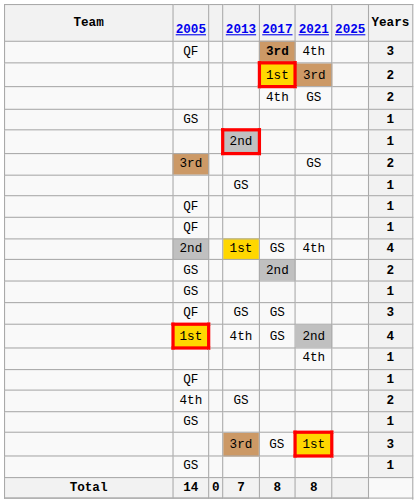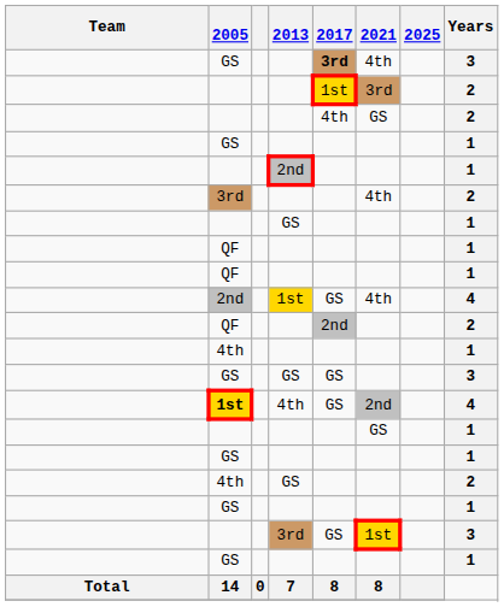 <table class="wikitable" style="text-align:center; font-size:90%">
 <tr>
 <th width=150>Team</th>
 <th><br><a href='#'>2005</a></th>
 <th><br><em></em></th>
 <th><br><a href='#'>2013</a></th>
 <th><br><a href='#'>2017</a></th>
 <th><br><a href='#'>2021</a></th>
 <th><br><a href='#'>2025</a></th>
 <th>Years</th>
 </tr>
 <tr>
 <td align=left></td>
-<td>QF</td>
+<td>GS</td>
 <td></td>
 <td></td>
 <td bgcolor=#cc9966><strong>3rd</strong></td>
 <td>4th</td>
 <td></td>
 <th>3</th>
 </tr>
 <tr>
 <td align=left></td>
 <td></td>
 <td></td>
 <td></td>
 <td style="border: 3px solid red" bgcolor=Gold>1st</td>
 <td bgcolor=#cc9966>3rd</td>
 <td></td>
 <th>2</th>
 </tr>
 <tr>
 <td align=left></td>
 <td></td>
 <td></td>
 <td></td>
 <td>4th</td>
 <td>GS</td>
 <td></td>
 <th>2</th>
 </tr>
 <tr>
 <td align=left></td>
 <td>GS</td>
 <td></td>
 <td></td>
 <td></td>
 <td></td>
 <td></td>
 <th>1</th>
 </tr>
 <tr>
 <td align=left></td>
 <td></td>
 <td></td>
 <td style="border: 3px solid red" bgcolor=Silver>2nd</td>
 <td></td>
 <td></td>
 <td></td>
 <th>1</th>
 </tr>
 <tr>
 <td align=left></td>
 <td bgcolor=#cc9966>3rd</td>
 <td></td>
 <td></td>
 <td></td>
-<td>GS</td>
+<td>4th</td>
 <td></td>
 <th>2</th>
 </tr>
 <tr>
 <td align=left></td>
 <td></td>
 <td></td>
 <td>GS</td>
 <td></td>
 <td></td>
 <td></td>
 <th>1</th>
 </tr>
 <tr>
 <td align=left></td>
 <td>QF</td>
 <td></td>
 <td></td>
 <td></td>
 <td></td>
 <td></td>
 <th>1</th>
 </tr>
 <tr>
 <td align=left></td>
 <td>QF</td>
 <td></td>
 <td></td>
 <td></td>
 <td></td>
 <td></td>
 <th>1</th>
 </tr>
 <tr>
 <td align=left></td>
 <td bgcolor=Silver>2nd</td>
 <td></td>
 <td bgcolor=Gold>1st</td>
 <td>GS</td>
 <td>4th</td>
 <td></td>
 <th>4</th>
 </tr>
 <tr>
 <td align=left></td>
-<td>GS</td>
+<td>QF</td>
 <td></td>
 <td></td>
 <td bgcolor=Silver>2nd</td>
 <td></td>
 <td></td>
 <th>2</th>
 </tr>
 <tr>
 <td align=left></td>
-<td>GS</td>
+<td>4th</td>
 <td></td>
 <td></td>
 <td></td>
 <td></td>
 <td></td>
 <th>1</th>
 </tr>
 <tr>
 <td align=left></td>
-<td>QF</td>
+<td>GS</td>
 <td></td>
 <td>GS</td>
 <td>GS</td>
 <td></td>
 <td></td>
 <th>3</th>
 </tr>
 <tr>
 <td align=left></td>
-<td style="border: 3px solid red" bgcolor=Gold>1st</td>
+<td style="border: 3px solid red" bgcolor=Gold><strong>1st</strong></td>
 <td></td>
 <td>4th</td>
 <td>GS</td>
 <td bgcolor=Silver>2nd</td>
 <td></td>
 <th>4</th>
 </tr>
 <tr>
 <td align=left></td>
 <td></td>
 <td></td>
 <td></td>
 <td></td>
-<td>4th</td>
+<td>GS</td>
 <td></td>
 <th>1</th>
 </tr>
 <tr>
 <td align=left></td>
-<td>QF</td>
+<td>GS</td>
 <td></td>
 <td></td>
 <td></td>
 <td></td>
 <td></td>
 <th>1</th>
 </tr>
 <tr>
 <td align=left></td>
 <td>4th</td>
 <td></td>
 <td>GS</td>
 <td></td>
 <td></td>
 <td></td>
 <th>2</th>
 </tr>
 <tr>
 <td align=left></td>
 <td>GS</td>
 <td></td>
 <td></td>
 <td></td>
 <td></td>
 <td></td>
 <th>1</th>
 </tr>
 <tr>
 <td align=left></td>
 <td></td>
 <td></td>
 <td bgcolor=#cc9966>3rd</td>
 <td>GS</td>
 <td style="border: 3px solid red" bgcolor=Gold>1st</td>
 <td></td>
 <th>3</th>
 </tr>
 <tr>
 <td align=left></td>
 <td>GS</td>
 <td></td>
 <td></td>
 <td></td>
 <td></td>
 <td></td>
 <th>1</th>
 </tr>
 <tr>
 <th>Total</th>
 <th>14</th>
 <th>0</th>
 <th>7</th>
 <th>8</th>
 <th>8</th>
 <th></th>
 </tr>
 <tr>
 </tr>
 </table>
